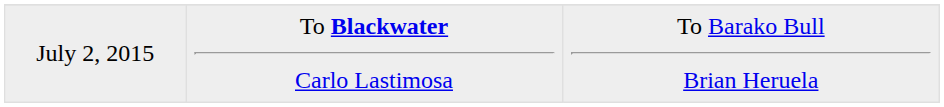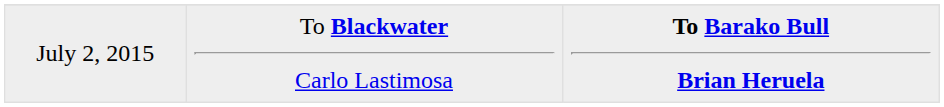 <table border=1 style="border-collapse:collapse; text-align: center; width: 100%" bordercolor="#DFDFDF"  cellpadding="5">
 <tr>
 </tr>
 <tr bgcolor="eeeeee">
 <td style="width:12%">July 2, 2015</td>
 <td style="width:25%" valign="top">To <strong><a href='#'>Blackwater</a></strong><hr><a href='#'>Carlo Lastimosa</a></td>
-<td style="width:25%" valign="top">To <a href='#'>Barako Bull</a><hr><a href='#'>Brian Heruela</a></td>
+<td style="width:25%" valign="top"><strong>To <a href='#'>Barako Bull</a><hr><a href='#'>Brian Heruela</a></strong></td>
 </tr>
 </table>
